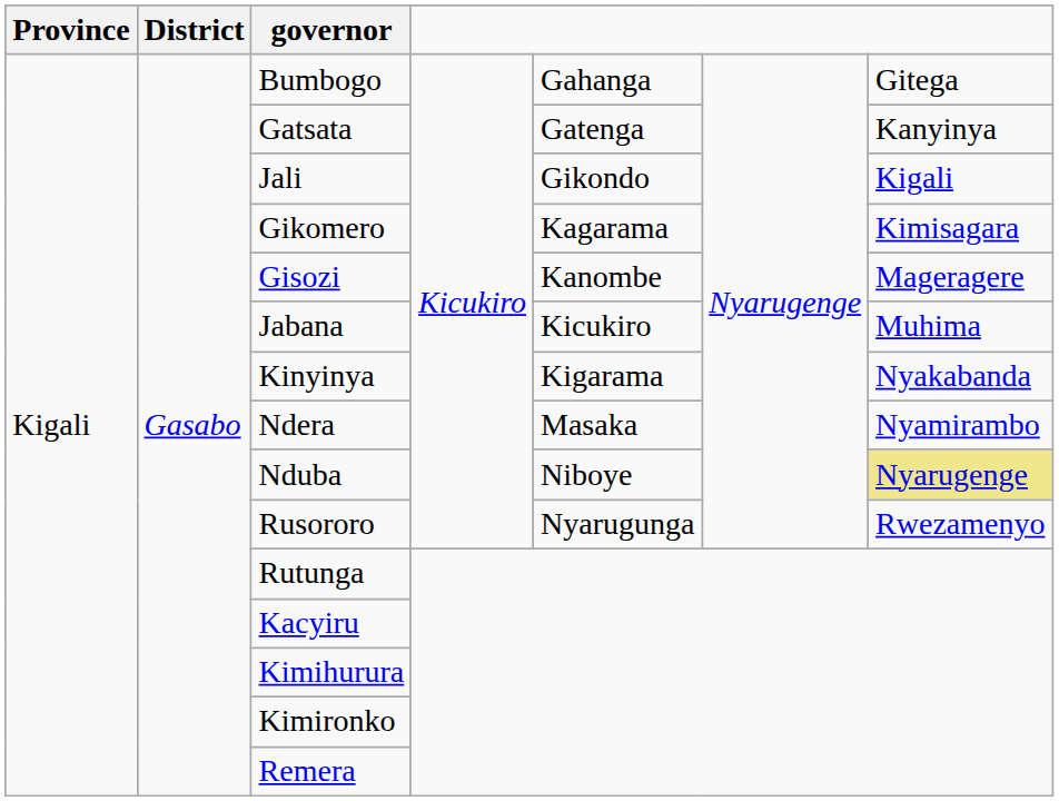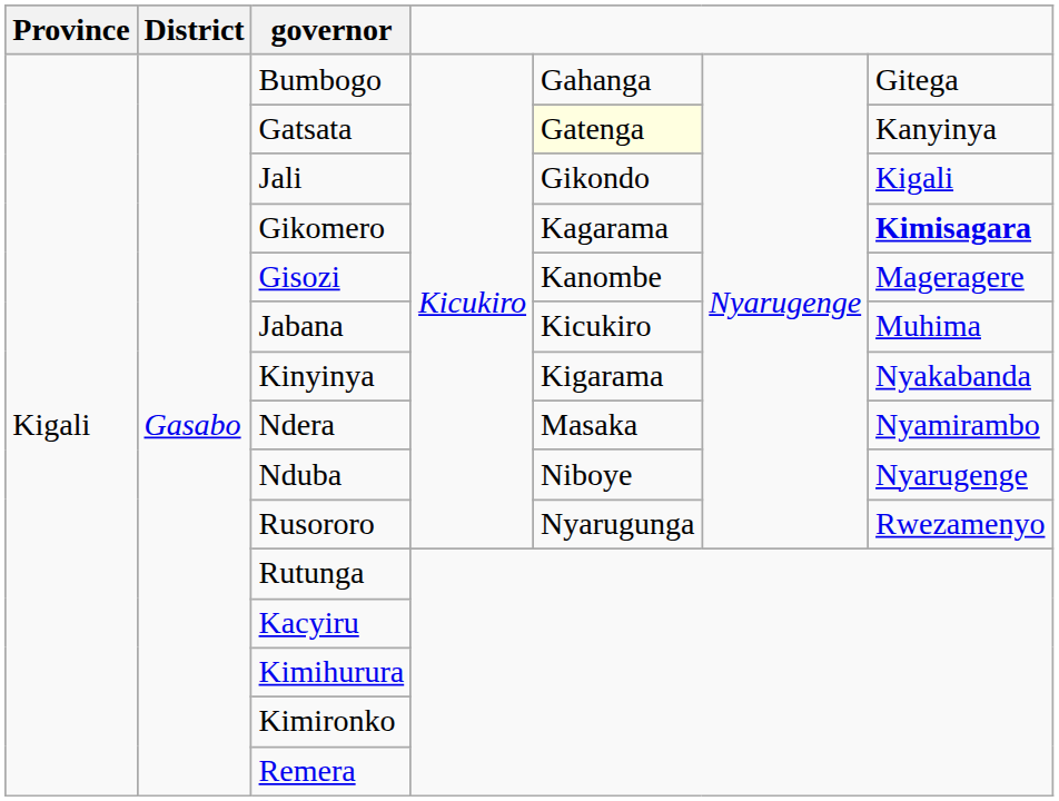 <table class="wikitable">
 <tr>
 <th>Province</th>
 <th>District</th>
 <th>governor</th>
 </tr>
 <tr>
 <td rowspan="15">Kigali</td>
 <td rowspan="15"><em><a href='#'>Gasabo</a></em></td>
 <td>Bumbogo</td>
 <td rowspan="10"><em><a href='#'>Kicukiro</a></em></td>
 <td>Gahanga</td>
 <td rowspan="10"><em><a href='#'>Nyarugenge</a></em></td>
 <td>Gitega</td>
 </tr>
 <tr>
 <td>Gatsata</td>
-<td>Gatenga</td>
+<td style="background: lightyellow;">Gatenga</td>
 <td>Kanyinya</td>
 </tr>
 <tr>
 <td>Jali</td>
 <td>Gikondo</td>
 <td><a href='#'>Kigali</a></td>
 </tr>
 <tr>
 <td>Gikomero</td>
 <td>Kagarama</td>
-<td><a href='#'>Kimisagara</a></td>
+<td><strong><a href='#'>Kimisagara</a></strong></td>
 </tr>
 <tr>
 <td><a href='#'>Gisozi</a></td>
 <td>Kanombe</td>
 <td><a href='#'>Mageragere</a></td>
 </tr>
 <tr>
 <td>Jabana</td>
 <td>Kicukiro</td>
 <td><a href='#'>Muhima</a></td>
 </tr>
 <tr>
 <td>Kinyinya</td>
 <td>Kigarama</td>
 <td><a href='#'>Nyakabanda</a></td>
 </tr>
 <tr>
 <td>Ndera</td>
 <td>Masaka</td>
 <td><a href='#'>Nyamirambo</a></td>
 </tr>
 <tr>
 <td>Nduba</td>
 <td>Niboye</td>
-<td style="background: khaki;"><a href='#'>Nyarugenge</a></td>
+<td><a href='#'>Nyarugenge</a></td>
 </tr>
 <tr>
 <td>Rusororo</td>
 <td>Nyarugunga</td>
 <td><a href='#'>Rwezamenyo</a></td>
 </tr>
 <tr>
 <td>Rutunga</td>
 </tr>
 <tr>
 <td><a href='#'>Kacyiru</a></td>
 </tr>
 <tr>
 <td><a href='#'>Kimihurura</a></td>
 </tr>
 <tr>
 <td>Kimironko</td>
 </tr>
 <tr>
 <td><a href='#'>Remera</a></td>
 </tr>
 </table>
